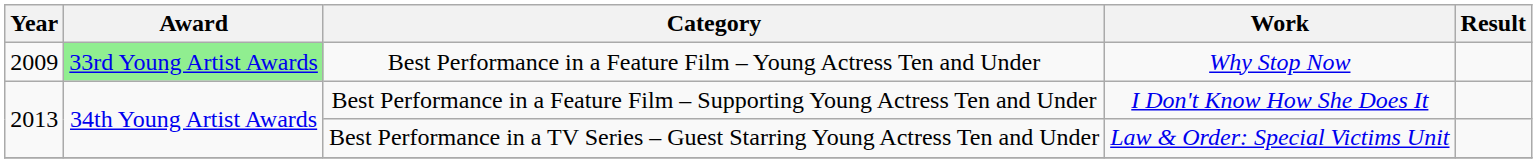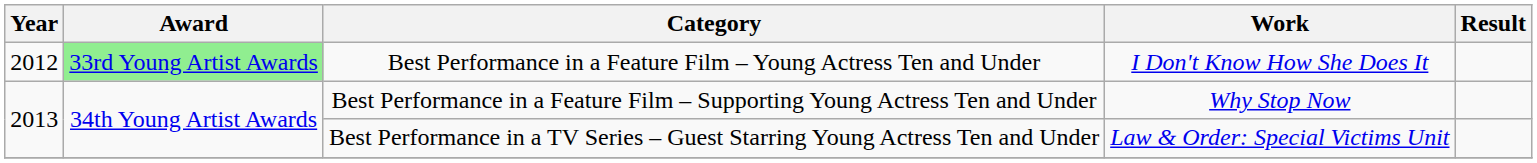 <table class="wikitable sortable plainrowheaders" style="text-align:center;">
 <tr>
 <th>Year</th>
 <th>Award</th>
 <th>Category</th>
 <th>Work</th>
 <th>Result</th>
 </tr>
 <tr>
-<td>2009</td>
+<td>2012</td>
 <td style="background: lightgreen;"><a href='#'>33rd Young Artist Awards</a></td>
 <td>Best Performance in a Feature Film – Young Actress Ten and Under</td>
-<td><em><a href='#'>Why Stop Now</a></em></td>
+<td><em><a href='#'>I Don't Know How She Does It</a></em></td>
 <td></td>
 </tr>
 <tr>
 <td rowspan="2">2013</td>
 <td rowspan="2"><a href='#'>34th Young Artist Awards</a></td>
 <td>Best Performance in a Feature Film – Supporting Young Actress Ten and Under</td>
-<td><em><a href='#'>I Don't Know How She Does It</a></em></td>
+<td><em><a href='#'>Why Stop Now</a></em></td>
 <td></td>
 </tr>
 <tr>
 <td>Best Performance in a TV Series – Guest Starring Young Actress Ten and Under</td>
 <td><em><a href='#'>Law & Order: Special Victims Unit</a></em></td>
 <td></td>
 </tr>
 <tr>
 </tr>
 </table>
